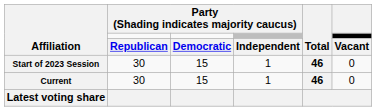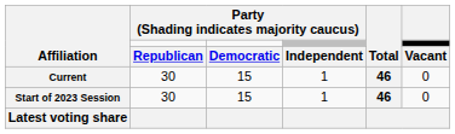 <table class=wikitable style="text-align:center">
 <tr style="vertical-align:bottom;">
 <th rowspan=3>Affiliation</th>
 <th colspan=3>Party <div>(Shading indicates majority caucus)</div></th>
 <th rowspan=3>Total</th>
 <th></th>
 </tr>
 <tr style="height:5px">
 <td style="background-color:"></td>
 <td style="background-color:"></td>
 <td style="background: #BEBEBE"></td>
 <td style="background: black"></td>
 </tr>
 <tr>
 <th><a href='#'>Republican</a></th>
 <th><a href='#'>Democratic</a></th>
 <th>Independent</th>
 <th>Vacant</th>
 </tr>
 <tr>
-<th nowrap style="font-size:80%">Start of 2023 Session</th>
+<th nowrap style="font-size:80%">Current</th>
 <td>30</td>
 <td>15</td>
 <td>1</td>
 <th>46</th>
 <td>0</td>
 </tr>
 <tr>
-<th nowrap style="font-size:80%">Current</th>
+<th nowrap style="font-size:80%">Start of 2023 Session</th>
 <td>30</td>
 <td>15</td>
 <td>1</td>
 <th>46</th>
 <td>0</td>
 </tr>
 <tr>
 <th>Latest voting share</th>
 <th></th>
 <th></th>
 <th></th>
 <th colspan=2></th>
 </tr>
 </table>
